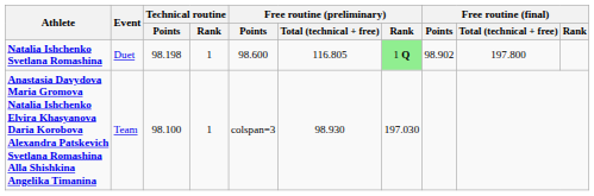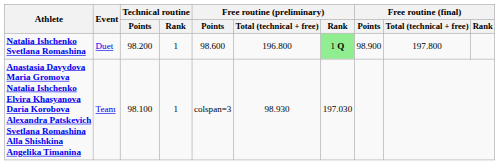 <table class="wikitable" style="font-size:90%">
 <tr>
 <th rowspan="2">Athlete</th>
 <th rowspan="2">Event</th>
 <th colspan=2>Technical routine</th>
 <th colspan=3>Free routine (preliminary)</th>
 <th colspan=3>Free routine (final)</th>
 </tr>
 <tr style="font-size:95%">
 <th>Points</th>
 <th>Rank</th>
 <th>Points</th>
 <th>Total (technical + free)</th>
 <th>Rank</th>
 <th>Points</th>
 <th>Total (technical + free)</th>
 <th>Rank</th>
 </tr>
 <tr align=center>
 <td align=left><strong><a href='#'>Natalia Ishchenko</a><br><a href='#'>Svetlana Romashina</a></strong></td>
 <td align=left><a href='#'>Duet</a></td>
-<td>98.198</td>
+<td>98.200</td>
 <td>1</td>
 <td>98.600</td>
-<td>116.805</td>
+<td>196.800</td>
 <td style="background: lightgreen;">1 <strong>Q</strong></td>
-<td>98.902</td>
+<td>98.900</td>
 <td>197.800</td>
 <td></td>
 </tr>
 <tr align=center>
 <td align=left><strong><a href='#'>Anastasia Davydova</a><br><a href='#'>Maria Gromova</a><br><a href='#'>Natalia Ishchenko</a><br><a href='#'>Elvira Khasyanova</a><br><a href='#'>Daria Korobova</a><br><a href='#'>Alexandra Patskevich</a><br><a href='#'>Svetlana Romashina</a><br><a href='#'>Alla Shishkina</a><br><a href='#'>Angelika Timanina</a></strong></td>
 <td align=left><a href='#'>Team</a></td>
 <td>98.100</td>
 <td>1</td>
 <td>colspan=3 </td>
 <td>98.930</td>
 <td>197.030</td>
 <td></td>
 </tr>
 </table>
